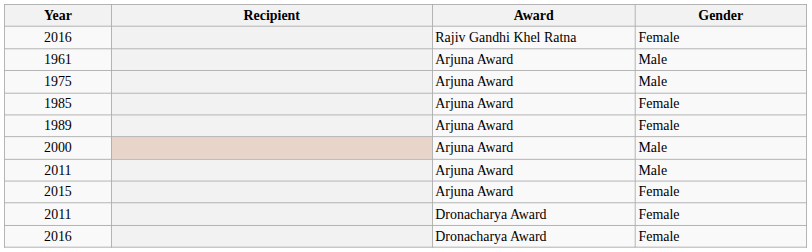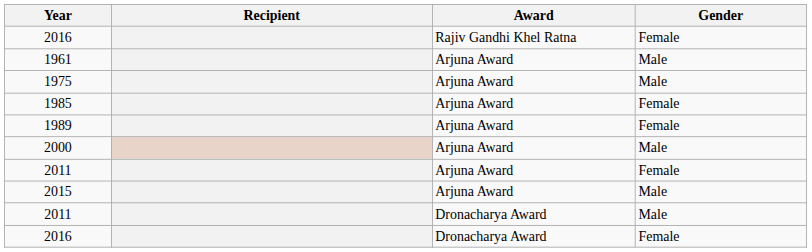 <table class="wikitable plainrowheaders sortable" style="width:73%">
 <tr>
 <th scope="col" style="width:10%">Year</th>
 <th scope="col" style="width:30%">Recipient</th>
 <th scope="col" style="width:19%">Award</th>
 <th scope="col" style="width:16%">Gender</th>
 </tr>
 <tr>
 <td style="text-align:center;">2016</td>
 <th scope="row"></th>
 <td>Rajiv Gandhi Khel Ratna</td>
 <td>Female</td>
 </tr>
 <tr>
 <td style="text-align:center;">1961</td>
 <th scope="row"></th>
 <td>Arjuna Award</td>
 <td>Male</td>
 </tr>
 <tr>
 <td style="text-align:center;">1975</td>
 <th scope="row"></th>
 <td>Arjuna Award</td>
 <td>Male</td>
 </tr>
 <tr>
 <td style="text-align:center;">1985</td>
 <th scope="row"></th>
 <td>Arjuna Award</td>
 <td>Female</td>
 </tr>
 <tr>
 <td style="text-align:center;">1989</td>
 <th scope="row"></th>
 <td>Arjuna Award</td>
 <td>Female</td>
 </tr>
 <tr>
 <td style="text-align:center;">2000</td>
 <th scope="row" style="background-color:#E9D4C9"> </th>
 <td>Arjuna Award</td>
 <td>Male</td>
 </tr>
 <tr>
 <td style="text-align:center;">2011</td>
 <th scope="row"></th>
 <td>Arjuna Award</td>
-<td>Male</td>
+<td>Female</td>
 </tr>
 <tr>
 <td style="text-align:center;">2015</td>
 <th scope="row"></th>
 <td>Arjuna Award</td>
-<td>Female</td>
+<td>Male</td>
 </tr>
 <tr>
 <td style="text-align:center;">2011</td>
 <th scope="row"></th>
 <td>Dronacharya Award</td>
-<td>Female</td>
+<td>Male</td>
 </tr>
 <tr>
 <td style="text-align:center;">2016</td>
 <th scope="row"></th>
 <td>Dronacharya Award</td>
 <td>Female</td>
 </tr>
 </table>
